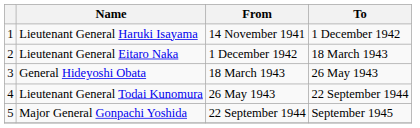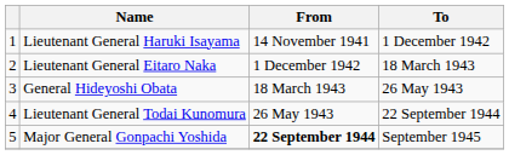 <table class=wikitable>
 <tr>
 <th></th>
 <th>Name</th>
 <th>From</th>
 <th>To</th>
 </tr>
 <tr>
 <td>1</td>
 <td>Lieutenant General <a href='#'>Haruki Isayama</a></td>
 <td>14 November 1941</td>
 <td>1 December 1942</td>
 </tr>
 <tr>
 <td>2</td>
 <td>Lieutenant General <a href='#'>Eitaro Naka</a></td>
 <td>1 December 1942</td>
 <td>18 March 1943</td>
 </tr>
 <tr>
 <td>3</td>
 <td>General <a href='#'>Hideyoshi Obata</a></td>
 <td>18 March 1943</td>
 <td>26 May 1943</td>
 </tr>
 <tr>
 <td>4</td>
 <td>Lieutenant General <a href='#'>Todai Kunomura</a></td>
 <td>26 May 1943</td>
 <td>22 September 1944</td>
 </tr>
 <tr>
 <td>5</td>
 <td>Major General <a href='#'>Gonpachi Yoshida</a></td>
-<td>22 September 1944</td>
+<td><strong>22 September 1944</strong></td>
 <td>September 1945</td>
 </tr>
 <tr>
 </tr>
 </table>
